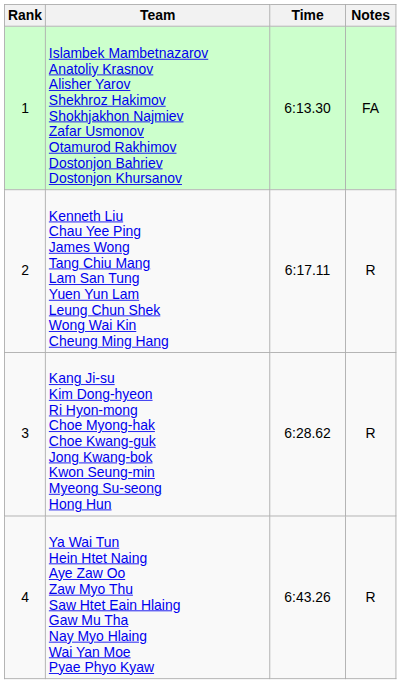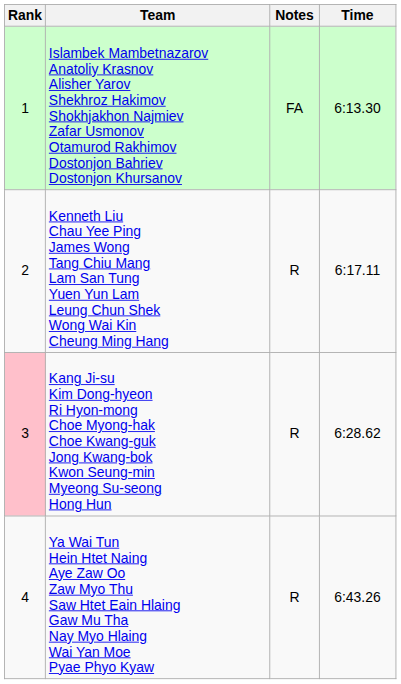 <table class=wikitable style="text-align:center">
 <tr>
 <th width=40>Rank</th>
 <th width=250>Team</th>
+<th width=50>Notes</th>
 <th width=80>Time</th>
-<th width=50>Notes</th>
 </tr>
 <tr bgcolor="ccffcc">
 <td>1</td>
 <td align="left"><br><a href='#'>Islambek Mambetnazarov</a><br><a href='#'>Anatoliy Krasnov</a><br><a href='#'>Alisher Yarov</a><br><a href='#'>Shekhroz Hakimov</a><br><a href='#'>Shokhjakhon Najmiev</a><br><a href='#'>Zafar Usmonov</a><br><a href='#'>Otamurod Rakhimov</a><br><a href='#'>Dostonjon Bahriev</a><br><a href='#'>Dostonjon Khursanov</a></td>
+<td>FA</td>
 <td>6:13.30</td>
-<td>FA</td>
 </tr>
 <tr>
 <td>2</td>
 <td align="left"><br><a href='#'>Kenneth Liu</a><br><a href='#'>Chau Yee Ping</a><br><a href='#'>James Wong</a><br><a href='#'>Tang Chiu Mang</a><br><a href='#'>Lam San Tung</a><br><a href='#'>Yuen Yun Lam</a><br><a href='#'>Leung Chun Shek</a><br><a href='#'>Wong Wai Kin</a><br><a href='#'>Cheung Ming Hang</a></td>
+<td>R</td>
 <td>6:17.11</td>
-<td>R</td>
 </tr>
 <tr>
-<td>3</td>
+<td style="background: pink;">3</td>
 <td align="left"><br><a href='#'>Kang Ji-su</a><br><a href='#'>Kim Dong-hyeon</a><br><a href='#'>Ri Hyon-mong</a><br><a href='#'>Choe Myong-hak</a><br><a href='#'>Choe Kwang-guk</a><br><a href='#'>Jong Kwang-bok</a><br><a href='#'>Kwon Seung-min</a><br><a href='#'>Myeong Su-seong</a><br><a href='#'>Hong Hun</a></td>
+<td>R</td>
 <td>6:28.62</td>
-<td>R</td>
 </tr>
 <tr>
 <td>4</td>
 <td align="left"><br><a href='#'>Ya Wai Tun</a><br><a href='#'>Hein Htet Naing</a><br><a href='#'>Aye Zaw Oo</a><br><a href='#'>Zaw Myo Thu</a><br><a href='#'>Saw Htet Eain Hlaing</a><br><a href='#'>Gaw Mu Tha</a><br><a href='#'>Nay Myo Hlaing</a><br><a href='#'>Wai Yan Moe</a><br><a href='#'>Pyae Phyo Kyaw</a></td>
+<td>R</td>
 <td>6:43.26</td>
-<td>R</td>
 </tr>
 </table>
